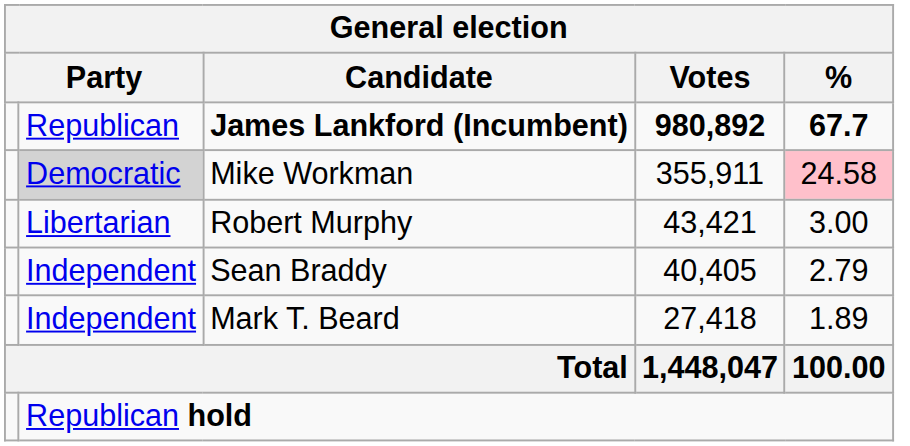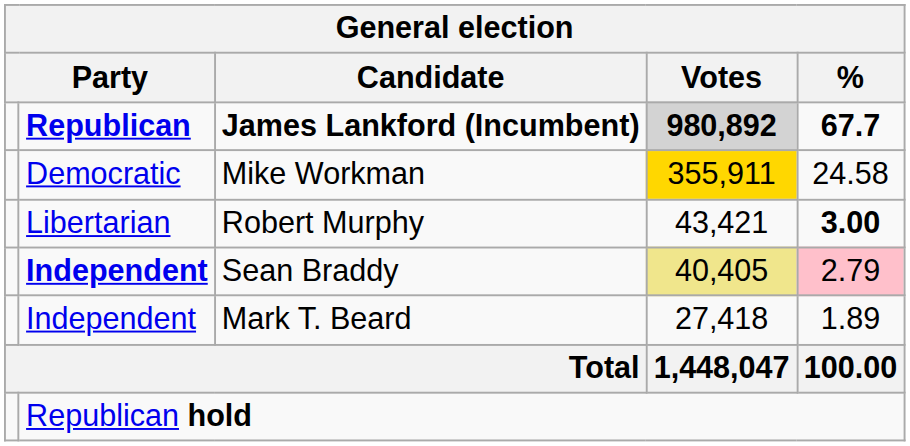 <table class=wikitable>
 <tr>
 <th colspan = 6>General election</th>
 </tr>
 <tr>
 <th colspan=2>Party</th>
 <th>Candidate</th>
 <th>Votes</th>
 <th>%</th>
 </tr>
 <tr>
 <td></td>
-<td><a href='#'>Republican</a></td>
+<td><strong><a href='#'>Republican</a></strong></td>
 <td><strong>James Lankford (Incumbent)</strong></td>
-<td align=center><strong>980,892</strong></td>
+<td align=center style="background: lightgrey;"><strong>980,892</strong></td>
 <td align=center><strong>67.7</strong></td>
 </tr>
 <tr>
 <td></td>
-<td style="background: lightgrey;"><a href='#'>Democratic</a></td>
+<td><a href='#'>Democratic</a></td>
 <td>Mike Workman</td>
-<td align=center>355,911</td>
-<td align=center style="background: pink;">24.58</td>
+<td align=center style="background: gold;">355,911</td>
+<td align=center>24.58</td>
 </tr>
 <tr>
 <td></td>
 <td><a href='#'>Libertarian</a></td>
 <td>Robert Murphy</td>
 <td align=center>43,421</td>
-<td align=center>3.00</td>
+<td align=center><strong>3.00</strong></td>
 </tr>
 <tr>
 <td></td>
-<td><a href='#'>Independent</a></td>
+<td><strong><a href='#'>Independent</a></strong></td>
 <td>Sean Braddy</td>
-<td align=center>40,405</td>
-<td align=center>2.79</td>
+<td align=center style="background: khaki;">40,405</td>
+<td align=center style="background: pink;">2.79</td>
 </tr>
 <tr>
 <td></td>
 <td><a href='#'>Independent</a></td>
 <td>Mark T. Beard</td>
 <td align=center>27,418</td>
 <td align=center>1.89</td>
 </tr>
 <tr>
 <th colspan=3; style="text-align:right;">Total</th>
 <th align=center>1,448,047</th>
 <th align=center>100.00</th>
 </tr>
 <tr>
 <td></td>
 <td colspan=6; style="text-align:left;"><a href='#'>Republican</a> <strong>hold</strong></td>
 </tr>
 </table>
